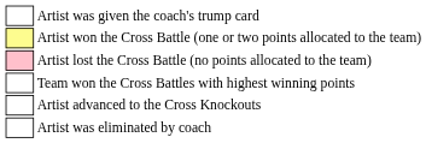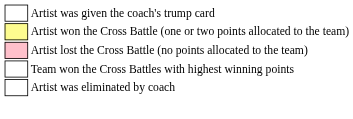 <table class="toccolours" style="font-size: 90%; white-space: nowrap;”">
 <tr>
 <td style="background:white; border:1px solid black;">  </td>
 <td>Artist was given the coach's trump card</td>
 </tr>
 <tr>
 <td style="background:#fdfc8f; border:1px solid black;">       </td>
 <td>Artist won the Cross Battle (one or two points allocated to the team)</td>
 </tr>
 <tr>
 <td style="background:pink; border:1px solid black;">       </td>
 <td>Artist lost the Cross Battle (no points allocated to the team)</td>
 </tr>
 <tr>
 <td style="background:white; border:1px solid black;"> </td>
 <td>Team won the Cross Battles with highest winning points</td>
 </tr>
 <tr>
 <td style="background:white; border:1px solid black;">  <strong></strong>  </td>
-<td>Artist advanced to the Cross Knockouts</td>
-</tr>
-<tr>
-<td style="background:white; border:1px solid black;">  <strong></strong>  </td>
 <td>Artist was eliminated by coach</td>
 </tr>
 <tr>
 </tr>
 </table>
